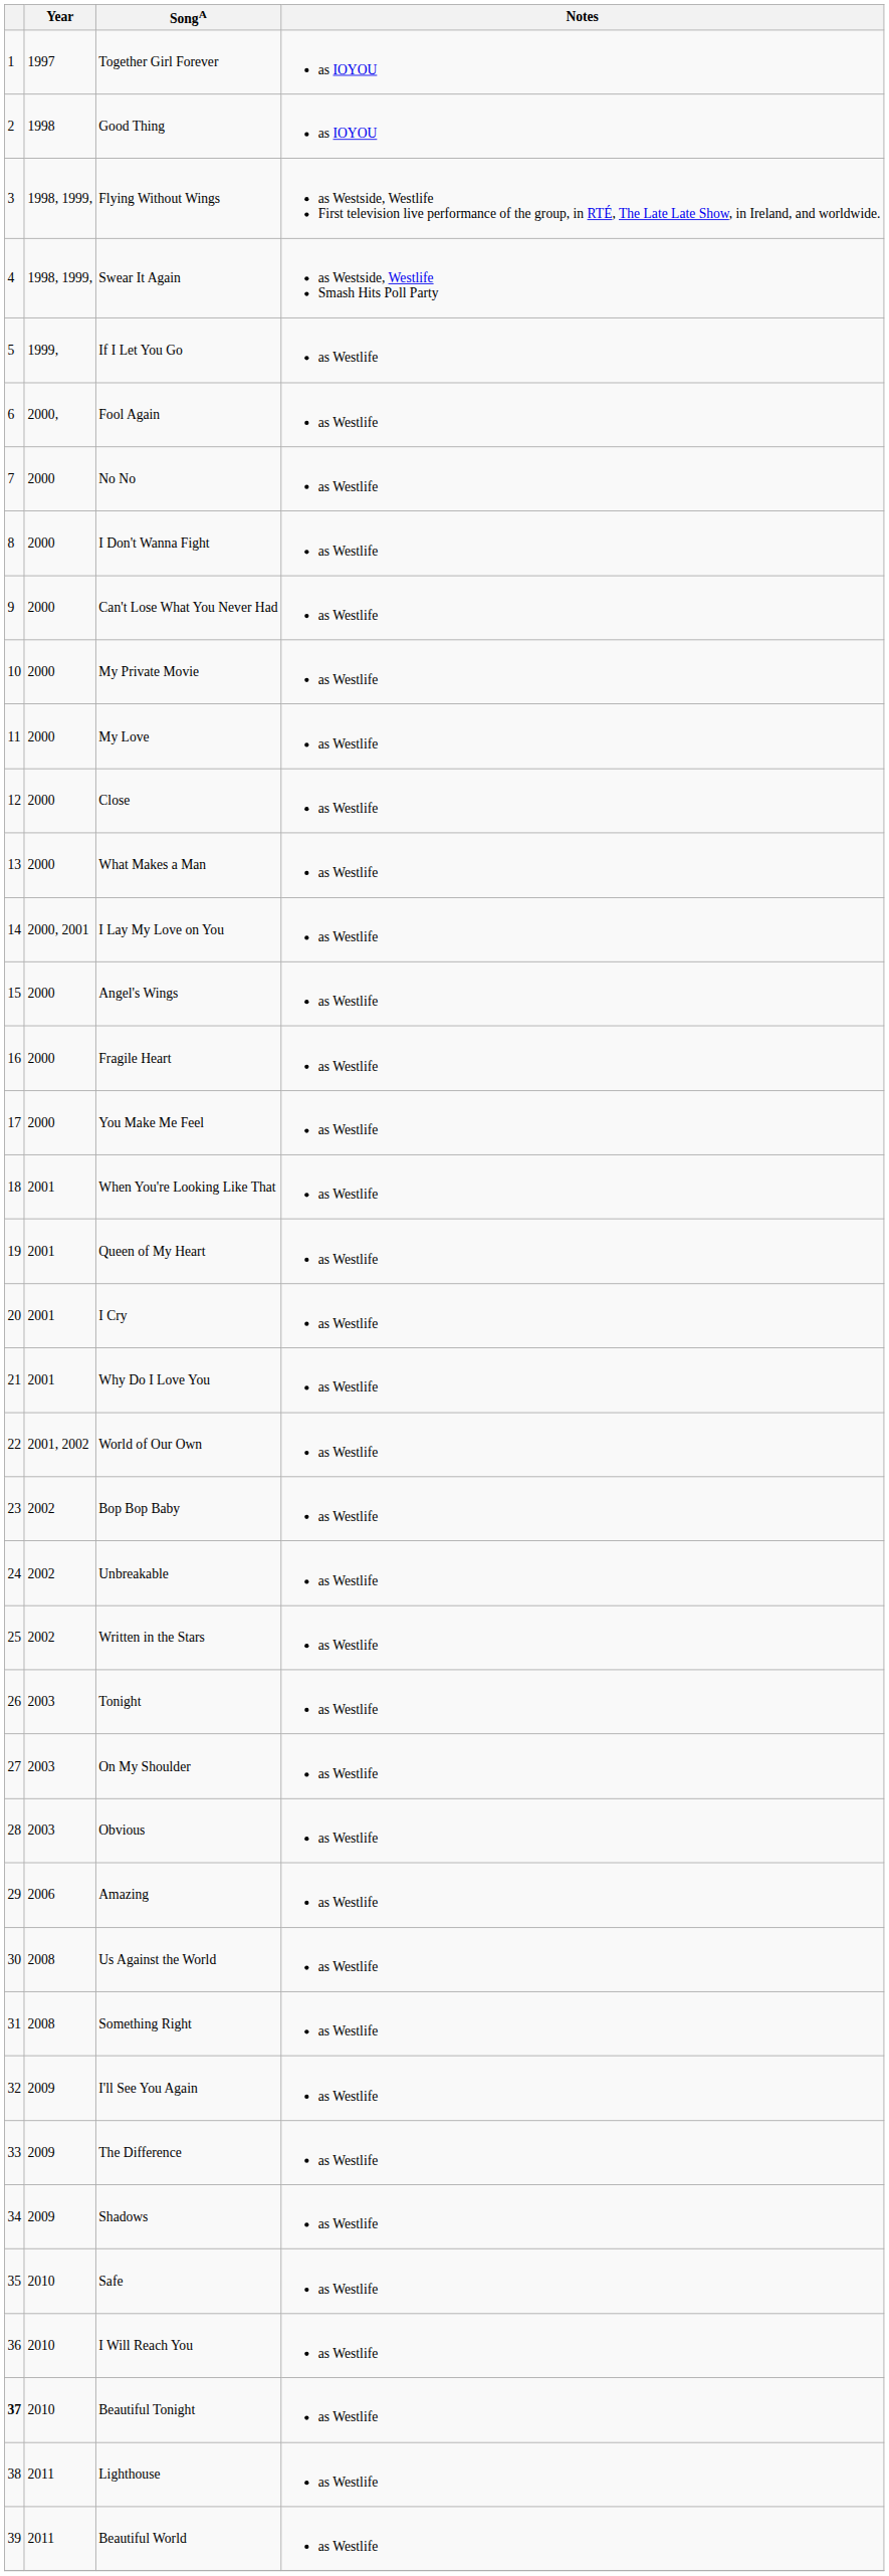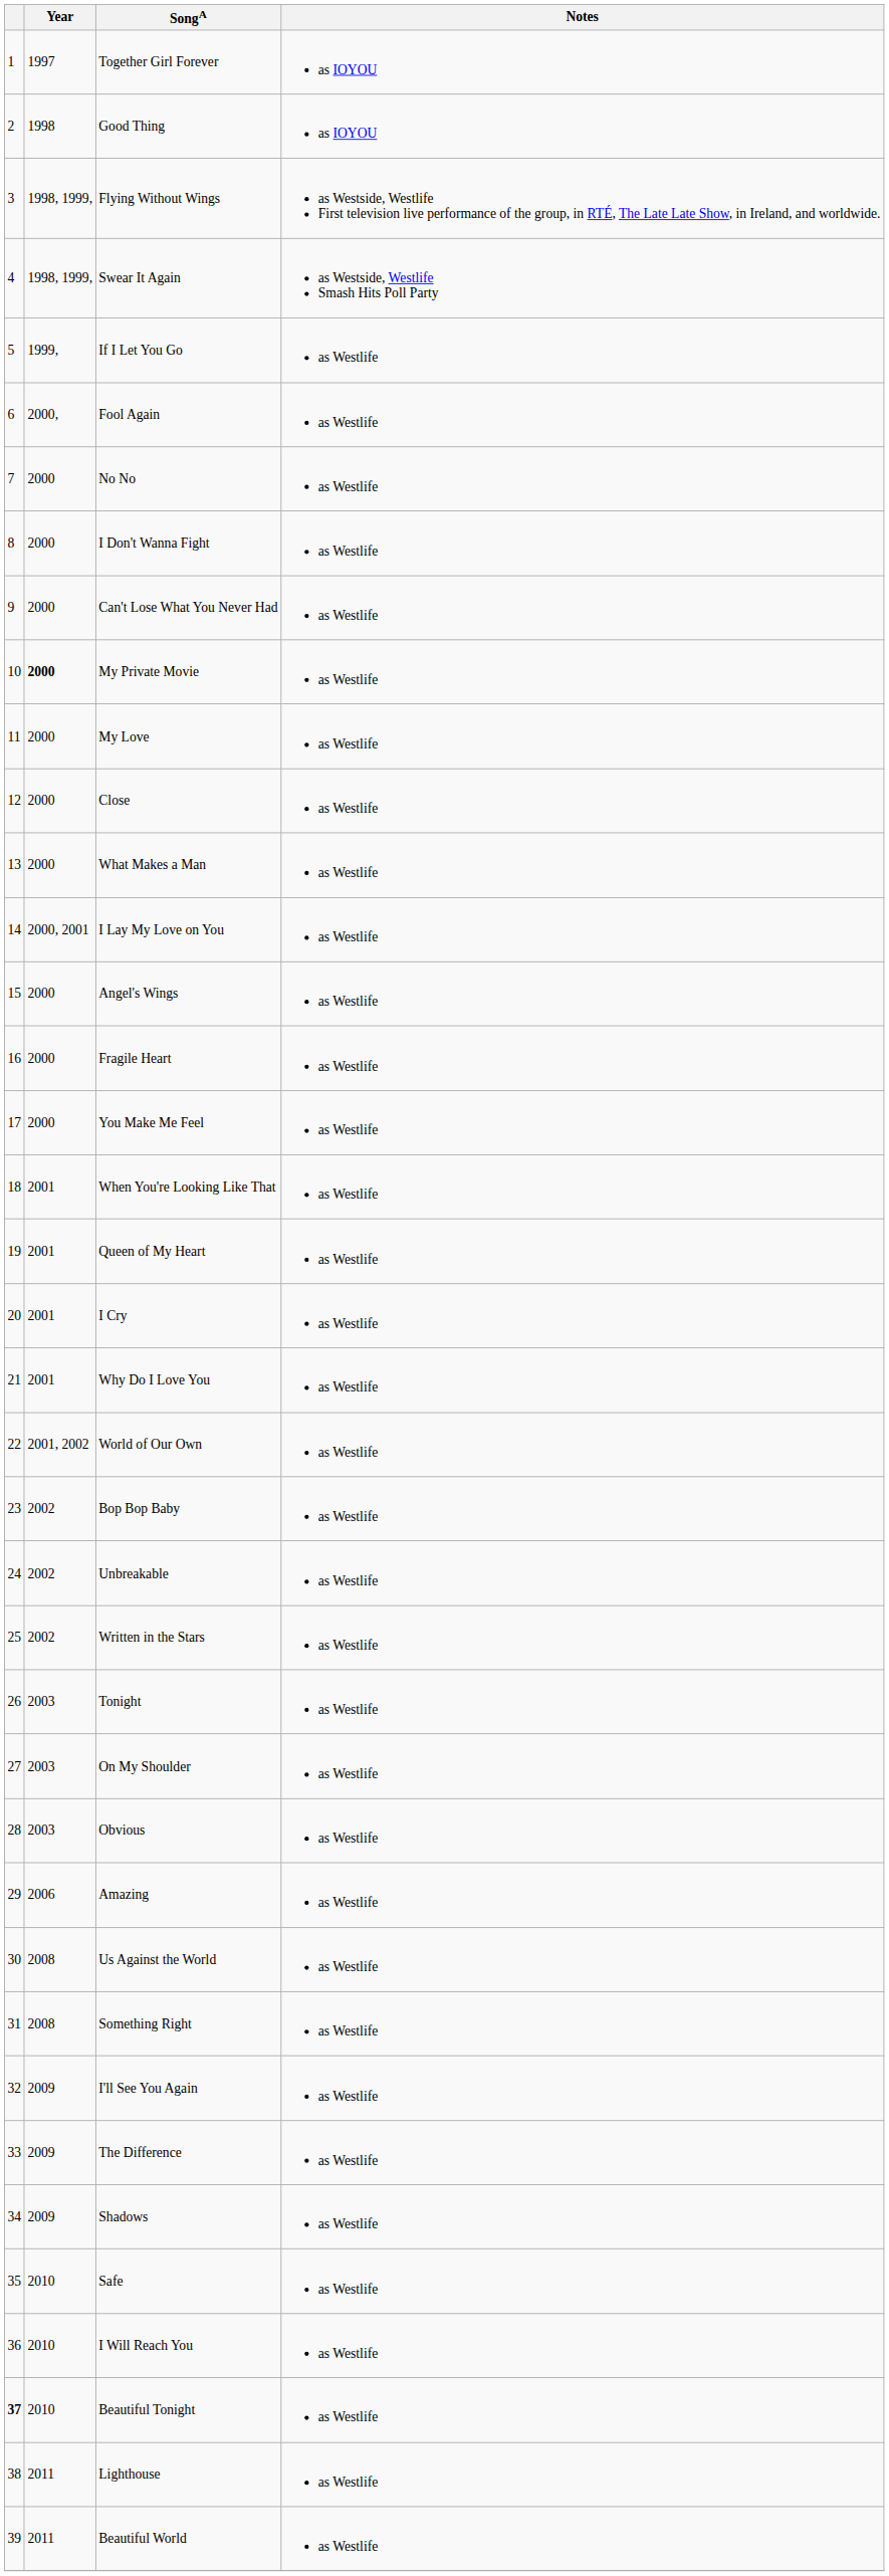 <table class="wikitable sortable">
 <tr>
 <th></th>
 <th>Year</th>
 <th>Song<sup>A</sup></th>
 <th>Notes</th>
 </tr>
 <tr>
 <td>1</td>
 <td>1997</td>
 <td>Together Girl Forever</td>
 <td><br><ul><li>as <a href='#'>IOYOU</a></li></ul></td>
 </tr>
 <tr>
 <td>2</td>
 <td>1998</td>
 <td>Good Thing</td>
 <td><br><ul><li>as <a href='#'>IOYOU</a></li></ul></td>
 </tr>
 <tr>
 <td>3</td>
 <td>1998, 1999,</td>
 <td>Flying Without Wings</td>
 <td><br><ul><li>as Westside, Westlife</li><li>First television live performance of the group, in <a href='#'>RTÉ</a>, <a href='#'>The Late Late Show</a>, in Ireland, and worldwide.</li></ul></td>
 </tr>
 <tr>
 <td>4</td>
 <td>1998, 1999,</td>
 <td>Swear It Again</td>
 <td><br><ul><li>as Westside, <a href='#'>Westlife</a></li><li>Smash Hits Poll Party</li></ul></td>
 </tr>
 <tr>
 <td>5</td>
 <td>1999,</td>
 <td>If I Let You Go</td>
 <td><br><ul><li>as Westlife</li></ul></td>
 </tr>
 <tr>
 <td>6</td>
 <td>2000,</td>
 <td>Fool Again</td>
 <td><br><ul><li>as Westlife</li></ul></td>
 </tr>
 <tr>
 <td>7</td>
 <td>2000</td>
 <td>No No</td>
 <td><br><ul><li>as Westlife</li></ul></td>
 </tr>
 <tr>
 <td>8</td>
 <td>2000</td>
 <td>I Don't Wanna Fight</td>
 <td><br><ul><li>as Westlife</li></ul></td>
 </tr>
 <tr>
 <td>9</td>
 <td>2000</td>
 <td>Can't Lose What You Never Had</td>
 <td><br><ul><li>as Westlife</li></ul></td>
 </tr>
 <tr>
 <td>10</td>
-<td>2000</td>
+<td><strong>2000</strong></td>
 <td>My Private Movie</td>
 <td><br><ul><li>as Westlife</li></ul></td>
 </tr>
 <tr>
 <td>11</td>
 <td>2000</td>
 <td>My Love</td>
 <td><br><ul><li>as Westlife</li></ul></td>
 </tr>
 <tr>
 <td>12</td>
 <td>2000</td>
 <td>Close</td>
 <td><br><ul><li>as Westlife</li></ul></td>
 </tr>
 <tr>
 <td>13</td>
 <td>2000</td>
 <td>What Makes a Man</td>
 <td><br><ul><li>as Westlife</li></ul></td>
 </tr>
 <tr>
 <td>14</td>
 <td>2000, 2001</td>
 <td>I Lay My Love on You</td>
 <td><br><ul><li>as Westlife</li></ul></td>
 </tr>
 <tr>
 <td>15</td>
 <td>2000</td>
 <td>Angel's Wings</td>
 <td><br><ul><li>as Westlife</li></ul></td>
 </tr>
 <tr>
 <td>16</td>
 <td>2000</td>
 <td>Fragile Heart</td>
 <td><br><ul><li>as Westlife</li></ul></td>
 </tr>
 <tr>
 <td>17</td>
 <td>2000</td>
 <td>You Make Me Feel</td>
 <td><br><ul><li>as Westlife</li></ul></td>
 </tr>
 <tr>
 <td>18</td>
 <td>2001</td>
 <td>When You're Looking Like That</td>
 <td><br><ul><li>as Westlife</li></ul></td>
 </tr>
 <tr>
 <td>19</td>
 <td>2001</td>
 <td>Queen of My Heart</td>
 <td><br><ul><li>as Westlife</li></ul></td>
 </tr>
 <tr>
 <td>20</td>
 <td>2001</td>
 <td>I Cry</td>
 <td><br><ul><li>as Westlife</li></ul></td>
 </tr>
 <tr>
 <td>21</td>
 <td>2001</td>
 <td>Why Do I Love You</td>
 <td><br><ul><li>as Westlife</li></ul></td>
 </tr>
 <tr>
 <td>22</td>
 <td>2001, 2002</td>
 <td>World of Our Own</td>
 <td><br><ul><li>as Westlife</li></ul></td>
 </tr>
 <tr>
 <td>23</td>
 <td>2002</td>
 <td>Bop Bop Baby</td>
 <td><br><ul><li>as Westlife</li></ul></td>
 </tr>
 <tr>
 <td>24</td>
 <td>2002</td>
 <td>Unbreakable</td>
 <td><br><ul><li>as Westlife</li></ul></td>
 </tr>
 <tr>
 <td>25</td>
 <td>2002</td>
 <td>Written in the Stars</td>
 <td><br><ul><li>as Westlife</li></ul></td>
 </tr>
 <tr>
 <td>26</td>
 <td>2003</td>
 <td>Tonight</td>
 <td><br><ul><li>as Westlife</li></ul></td>
 </tr>
 <tr>
 <td>27</td>
 <td>2003</td>
 <td>On My Shoulder</td>
 <td><br><ul><li>as Westlife</li></ul></td>
 </tr>
 <tr>
 <td>28</td>
 <td>2003</td>
 <td>Obvious</td>
 <td><br><ul><li>as Westlife</li></ul></td>
 </tr>
 <tr>
 <td>29</td>
 <td>2006</td>
 <td>Amazing</td>
 <td><br><ul><li>as Westlife</li></ul></td>
 </tr>
 <tr>
 <td>30</td>
 <td>2008</td>
 <td>Us Against the World</td>
 <td><br><ul><li>as Westlife</li></ul></td>
 </tr>
 <tr>
 <td>31</td>
 <td>2008</td>
 <td>Something Right</td>
 <td><br><ul><li>as Westlife</li></ul></td>
 </tr>
 <tr>
 <td>32</td>
 <td>2009</td>
 <td>I'll See You Again</td>
 <td><br><ul><li>as Westlife</li></ul></td>
 </tr>
 <tr>
 <td>33</td>
 <td>2009</td>
 <td>The Difference</td>
 <td><br><ul><li>as Westlife</li></ul></td>
 </tr>
 <tr>
 <td>34</td>
 <td>2009</td>
 <td>Shadows</td>
 <td><br><ul><li>as Westlife</li></ul></td>
 </tr>
 <tr>
 <td>35</td>
 <td>2010</td>
 <td>Safe</td>
 <td><br><ul><li>as Westlife</li></ul></td>
 </tr>
 <tr>
 <td>36</td>
 <td>2010</td>
 <td>I Will Reach You</td>
 <td><br><ul><li>as Westlife</li></ul></td>
 </tr>
 <tr>
 <td><strong>37</strong></td>
 <td>2010</td>
 <td>Beautiful Tonight</td>
 <td><br><ul><li>as Westlife</li></ul></td>
 </tr>
 <tr>
 <td>38</td>
 <td>2011</td>
 <td>Lighthouse</td>
 <td><br><ul><li>as Westlife</li></ul></td>
 </tr>
 <tr>
 <td>39</td>
 <td>2011</td>
 <td>Beautiful World</td>
 <td><br><ul><li>as Westlife</li></ul></td>
 </tr>
 <tr>
 </tr>
 </table>
